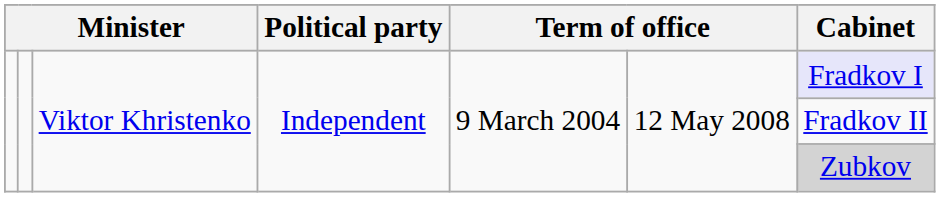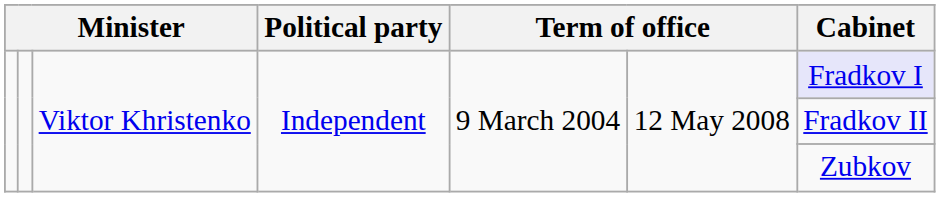 <table class="wikitable" style="text-align:center;">
 <tr>
 <th colspan=3>Minister</th>
 <th>Political party</th>
 <th colspan=2>Term of office</th>
 <th>Cabinet</th>
 </tr>
 <tr>
 <td rowspan=3 style="background: "></td>
 <td rowspan=3></td>
 <td rowspan=3><a href='#'>Viktor Khristenko</a></td>
 <td rowspan=3><a href='#'>Independent</a></td>
 <td rowspan=3>9 March 2004</td>
 <td rowspan=3>12 May 2008</td>
 <td style="background: lavender;"><a href='#'>Fradkov I</a></td>
 </tr>
 <tr>
 <td><a href='#'>Fradkov II</a></td>
 </tr>
 <tr>
-<td style="background: lightgrey;"><a href='#'>Zubkov</a></td>
+<td><a href='#'>Zubkov</a></td>
 </tr>
 </table>
